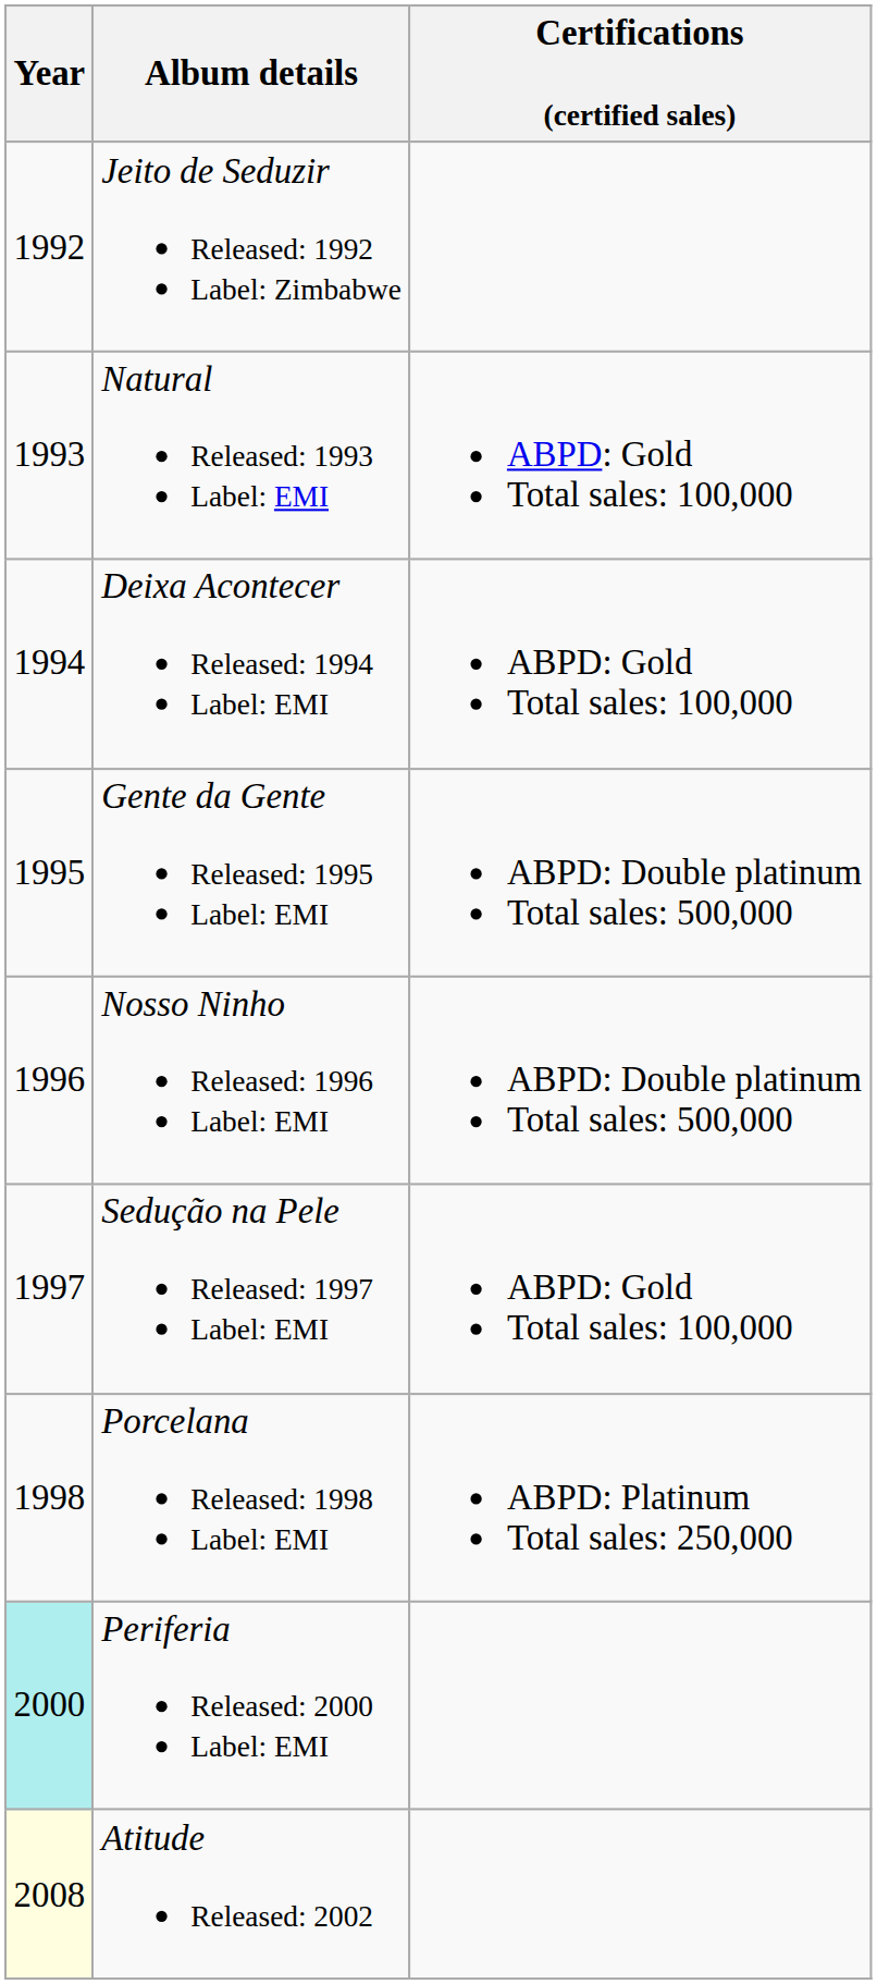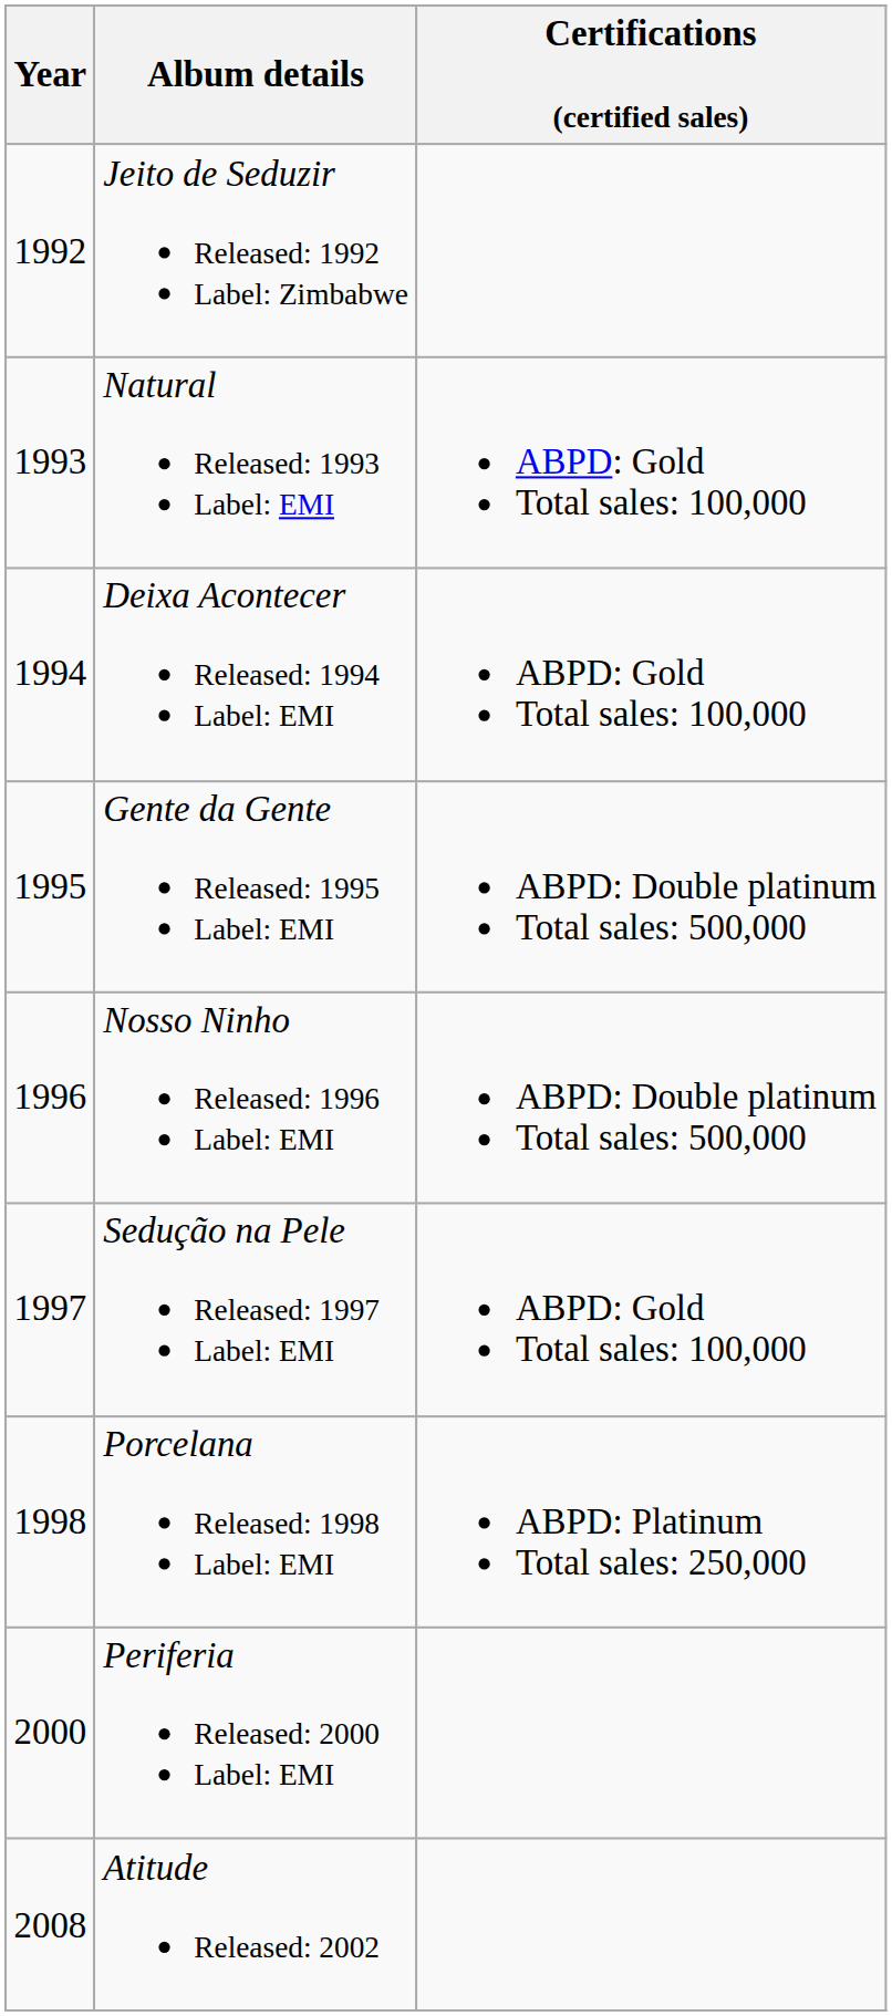 <table class="wikitable">
 <tr>
 <th rowspan="1">Year</th>
 <th rowspan="1">Album details</th>
 <th rowspan="1">Certifications<br><br><small>(certified sales)</small></th>
 </tr>
 <tr>
 <td rowspan="1" align="center">1992</td>
 <td><em>Jeito de Seduzir</em><br><ul><li><small>Released: 1992</small></li><li><small>Label: Zimbabwe</small></li></ul></td>
 <td align="left"></td>
 </tr>
 <tr>
 <td rowspan="1" align="center">1993</td>
 <td><em>Natural</em><br><ul><li><small>Released: 1993</small></li><li><small>Label: <a href='#'>EMI</a></small></li></ul></td>
 <td align="left"><br><ul><li><a href='#'>ABPD</a>: Gold</li><li>Total sales: 100,000</li></ul></td>
 </tr>
 <tr>
 <td rowspan="1" align="center">1994</td>
 <td><em>Deixa Acontecer</em><br><ul><li><small>Released: 1994</small></li><li><small>Label: EMI</small></li></ul></td>
 <td align="left"><br><ul><li>ABPD: Gold</li><li>Total sales: 100,000</li></ul></td>
 </tr>
 <tr>
 <td rowspan="1" align="center">1995</td>
 <td><em>Gente da Gente</em><br><ul><li><small>Released: 1995</small></li><li><small>Label: EMI</small></li></ul></td>
 <td align="left"><br><ul><li>ABPD: Double platinum</li><li>Total sales: 500,000</li></ul></td>
 </tr>
 <tr>
 <td rowspan="1" align="center">1996</td>
 <td><em>Nosso Ninho</em><br><ul><li><small>Released: 1996</small></li><li><small>Label: EMI</small></li></ul></td>
 <td align="left"><br><ul><li>ABPD: Double platinum</li><li>Total sales: 500,000</li></ul></td>
 </tr>
 <tr>
 <td rowspan="1" align="center">1997</td>
 <td><em>Sedução na Pele</em><br><ul><li><small>Released: 1997</small></li><li><small>Label: EMI</small></li></ul></td>
 <td align="left"><br><ul><li>ABPD: Gold</li><li>Total sales: 100,000</li></ul></td>
 </tr>
 <tr>
 <td rowspan="1" align="center">1998</td>
 <td><em>Porcelana</em><br><ul><li><small>Released: 1998</small></li><li><small>Label: EMI</small></li></ul></td>
 <td align="left"><br><ul><li>ABPD: Platinum</li><li>Total sales: 250,000</li></ul></td>
 </tr>
 <tr>
-<td rowspan="1" align="center" style="background: paleturquoise;">2000</td>
+<td rowspan="1" align="center">2000</td>
 <td><em>Periferia</em><br><ul><li><small>Released: 2000</small></li><li><small>Label: EMI</small></li></ul></td>
 <td align="left"></td>
 </tr>
 <tr>
-<td rowspan="1" align="center" style="background: lightyellow;">2008</td>
+<td rowspan="1" align="center">2008</td>
 <td><em>Atitude</em><br><ul><li><small>Released: 2002</small></li></ul></td>
 <td align="left"></td>
 </tr>
 <tr>
 </tr>
 </table>
